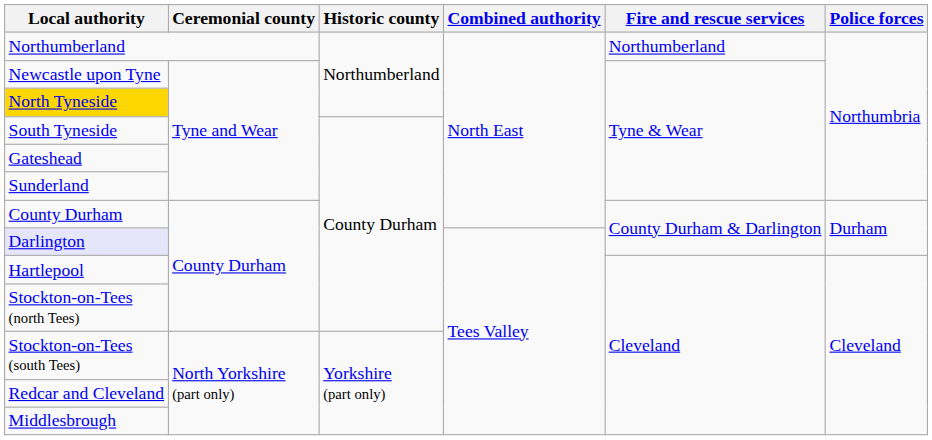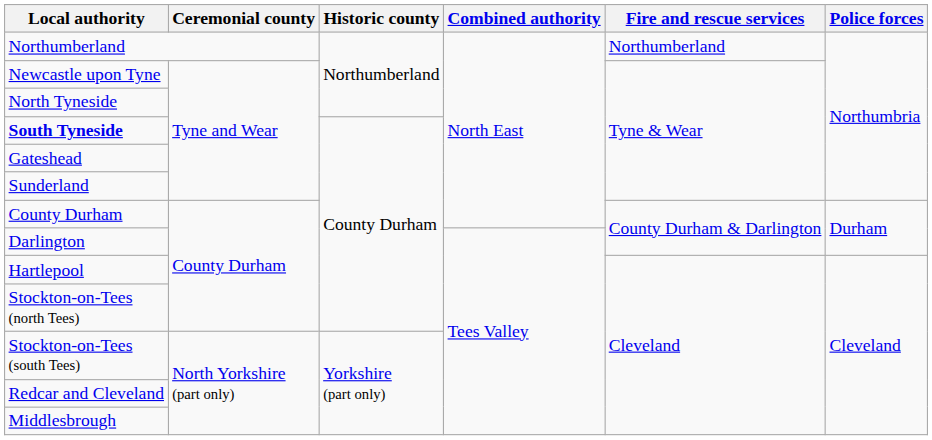 <table class="wikitable">
 <tr>
 <th>Local authority</th>
 <th>Ceremonial county</th>
 <th>Historic county</th>
 <th><a href='#'>Combined authority</a></th>
 <th><a href='#'>Fire and rescue services</a></th>
 <th><a href='#'>Police forces</a></th>
 </tr>
 <tr>
 <td colspan="2"><a href='#'>Northumberland</a></td>
 <td rowspan="3">Northumberland</td>
 <td rowspan="7"><a href='#'>North East</a></td>
 <td><a href='#'>Northumberland</a></td>
 <td rowspan="6"><a href='#'>Northumbria</a></td>
 </tr>
 <tr>
 <td><a href='#'>Newcastle upon Tyne</a></td>
 <td rowspan="5"><a href='#'>Tyne and Wear</a></td>
 <td rowspan="5"><a href='#'>Tyne & Wear</a></td>
 </tr>
 <tr>
-<td style="background: gold;"><a href='#'>North Tyneside</a></td>
+<td><a href='#'>North Tyneside</a></td>
 </tr>
 <tr>
-<td><a href='#'>South Tyneside</a></td>
+<td><strong><a href='#'>South Tyneside</a></strong></td>
 <td rowspan="7">County Durham</td>
 </tr>
 <tr>
 <td><a href='#'>Gateshead</a></td>
 </tr>
 <tr>
 <td><a href='#'>Sunderland</a></td>
 </tr>
 <tr>
 <td><a href='#'>County Durham</a></td>
 <td rowspan="4"><a href='#'>County Durham</a></td>
 <td rowspan="2"><a href='#'>County Durham & Darlington</a></td>
 <td rowspan="2"><a href='#'>Durham</a></td>
 </tr>
 <tr>
-<td style="background: lavender;"><a href='#'>Darlington</a></td>
+<td><a href='#'>Darlington</a></td>
 <td rowspan="6"><a href='#'>Tees Valley</a></td>
 </tr>
 <tr>
 <td><a href='#'>Hartlepool</a></td>
 <td rowspan="5"><a href='#'>Cleveland</a></td>
 <td rowspan="5"><a href='#'>Cleveland</a></td>
 </tr>
 <tr>
 <td><a href='#'>Stockton-on-Tees</a><br><small>(north Tees)</small></td>
 </tr>
 <tr>
 <td><a href='#'>Stockton-on-Tees</a><br><small>(south Tees)</small></td>
 <td rowspan="3"><a href='#'>North Yorkshire</a><br><small>(part only)</small></td>
 <td rowspan="3"><a href='#'>Yorkshire</a><br><small>(part only)</small></td>
 </tr>
 <tr>
 <td><a href='#'>Redcar and Cleveland</a></td>
 </tr>
 <tr>
 <td><a href='#'>Middlesbrough</a></td>
 </tr>
 </table>
